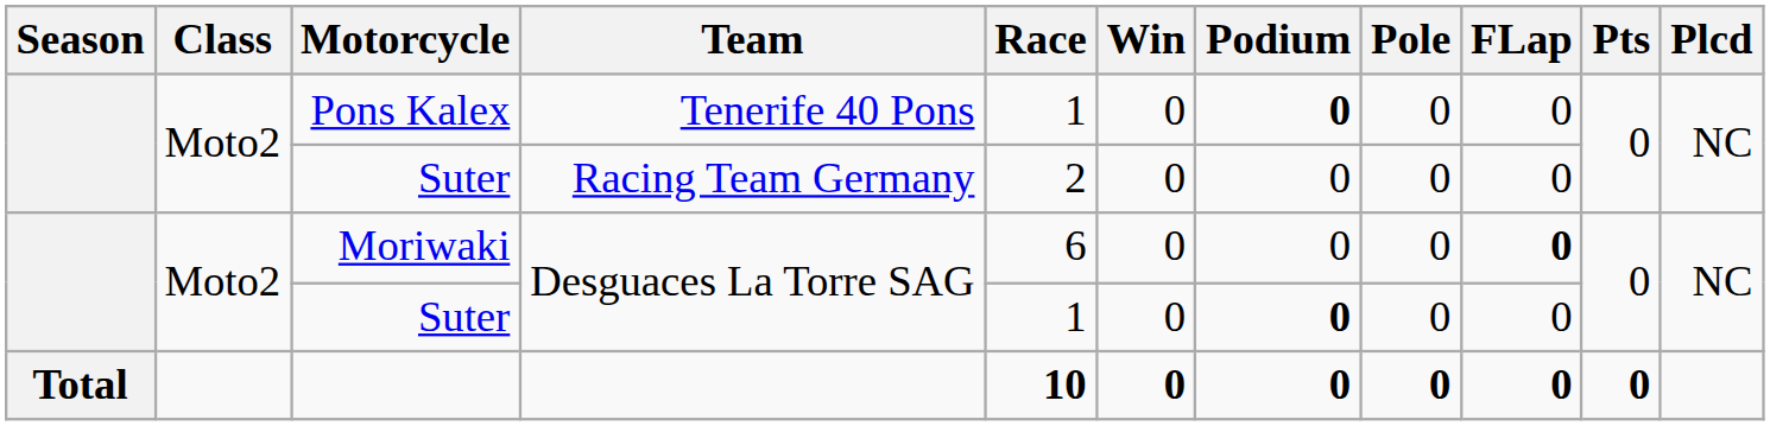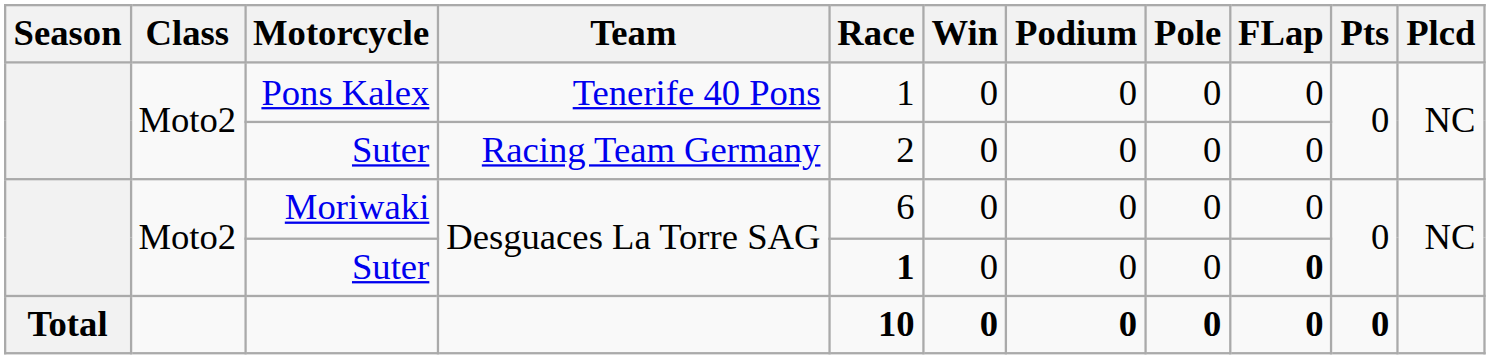 <table class="wikitable" style=text-align:right>
 <tr>
 <th>Season</th>
 <th>Class</th>
 <th>Motorcycle</th>
 <th>Team</th>
 <th>Race</th>
 <th>Win</th>
 <th>Podium</th>
 <th>Pole</th>
 <th>FLap</th>
 <th>Pts</th>
 <th>Plcd</th>
 </tr>
 <tr>
 <th rowspan=2></th>
 <td rowspan=2>Moto2</td>
 <td><a href='#'>Pons Kalex</a></td>
 <td><a href='#'>Tenerife 40 Pons</a></td>
 <td>1</td>
 <td>0</td>
-<td><strong>0</strong></td>
+<td>0</td>
 <td>0</td>
 <td>0</td>
 <td rowspan=2>0</td>
 <td rowspan=2>NC</td>
 </tr>
 <tr>
 <td><a href='#'>Suter</a></td>
 <td><a href='#'>Racing Team Germany</a></td>
 <td>2</td>
 <td>0</td>
 <td>0</td>
 <td>0</td>
 <td>0</td>
 </tr>
 <tr>
 <th rowspan=2></th>
 <td rowspan=2>Moto2</td>
 <td><a href='#'>Moriwaki</a></td>
 <td rowspan=2>Desguaces La Torre SAG</td>
 <td>6</td>
 <td>0</td>
 <td>0</td>
 <td>0</td>
-<td><strong>0</strong></td>
+<td>0</td>
 <td rowspan=2>0</td>
 <td rowspan=2>NC</td>
 </tr>
 <tr>
 <td><a href='#'>Suter</a></td>
-<td>1</td>
+<td><strong>1</strong></td>
+<td>0</td>
+<td>0</td>
 <td>0</td>
 <td><strong>0</strong></td>
-<td>0</td>
-<td>0</td>
 </tr>
 <tr>
 <th>Total</th>
 <td></td>
 <td></td>
 <td></td>
 <td><strong>10</strong></td>
 <td><strong>0</strong></td>
 <td><strong>0</strong></td>
 <td><strong>0</strong></td>
 <td><strong>0</strong></td>
 <td><strong>0</strong></td>
 <td></td>
 </tr>
 </table>
